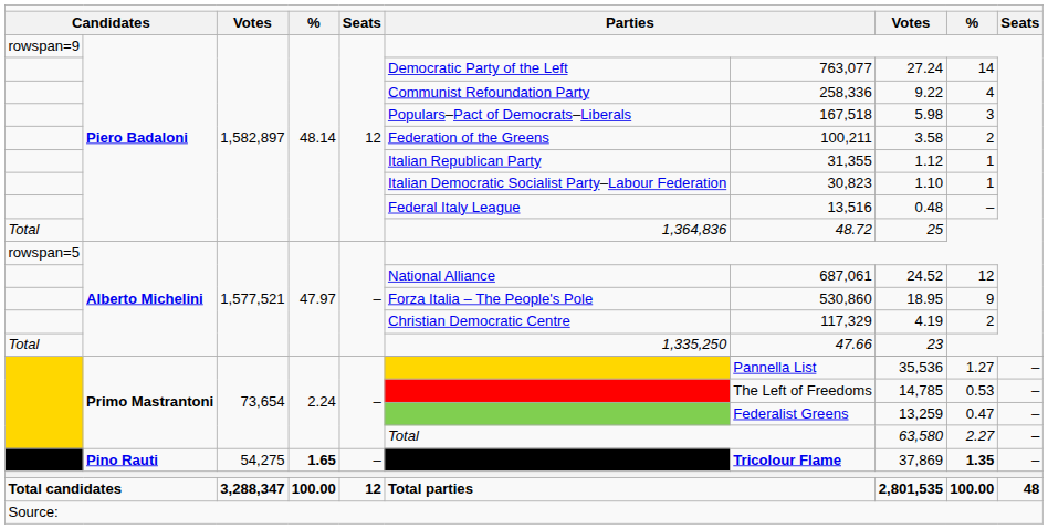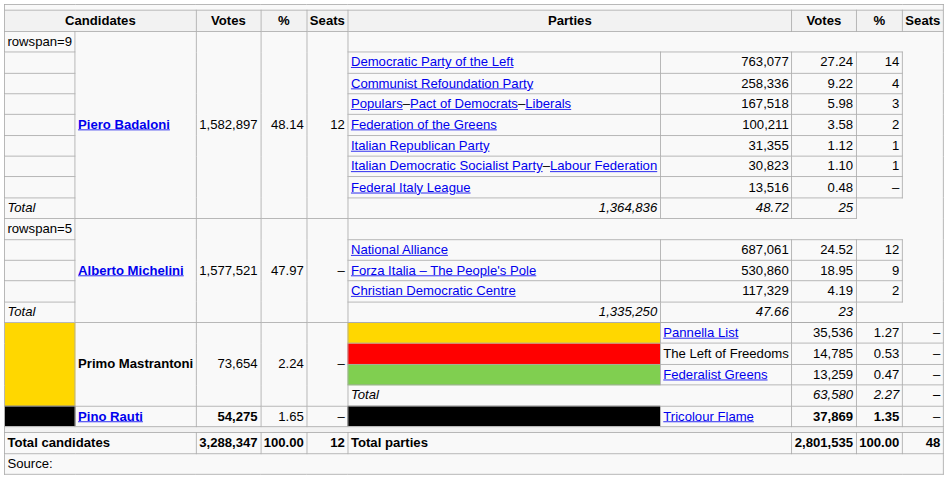 <table class="wikitable">
 <tr>
 <td colspan=10></td>
 </tr>
 <tr>
 <th colspan=2>Candidates</th>
 <th>Votes</th>
 <th>%</th>
 <th>Seats</th>
 <th colspan=2>Parties</th>
 <th>Votes</th>
 <th>%</th>
 <th>Seats</th>
 </tr>
 <tr>
 <td>rowspan=9 </td>
 <td rowspan=9><strong><a href='#'>Piero Badaloni</a></strong></td>
 <td rowspan=9 align=right>1,582,897</td>
 <td rowspan=9 align=right>48.14</td>
 <td rowspan=9 align=right>12</td>
 </tr>
 <tr>
 <td></td>
 <td><a href='#'>Democratic Party of the Left</a></td>
 <td align=right>763,077</td>
 <td align=right>27.24</td>
 <td align=right>14</td>
 </tr>
 <tr>
 <td></td>
 <td><a href='#'>Communist Refoundation Party</a></td>
 <td align=right>258,336</td>
 <td align=right>9.22</td>
 <td align=right>4</td>
 </tr>
 <tr>
 <td></td>
 <td><a href='#'>Populars</a>–<a href='#'>Pact of Democrats</a>–<a href='#'>Liberals</a></td>
 <td align=right>167,518</td>
 <td align=right>5.98</td>
 <td align=right>3</td>
 </tr>
 <tr>
 <td></td>
 <td><a href='#'>Federation of the Greens</a></td>
 <td align=right>100,211</td>
 <td align=right>3.58</td>
 <td align=right>2</td>
 </tr>
 <tr>
 <td></td>
 <td><a href='#'>Italian Republican Party</a></td>
 <td align=right>31,355</td>
 <td align=right>1.12</td>
 <td align=right>1</td>
 </tr>
 <tr>
 <td></td>
 <td><a href='#'>Italian Democratic Socialist Party</a>–<a href='#'>Labour Federation</a></td>
 <td align=right>30,823</td>
 <td align=right>1.10</td>
 <td align=right>1</td>
 </tr>
 <tr>
 <td></td>
 <td><a href='#'>Federal Italy League</a></td>
 <td align=right>13,516</td>
 <td align=right>0.48</td>
 <td align=right>–</td>
 </tr>
 <tr>
 <td colspan=2><em>Total</em></td>
 <td align=right><em>1,364,836</em></td>
 <td align=right><em>48.72</em></td>
 <td align=right><em>25</em></td>
 </tr>
 <tr>
 <td>rowspan=5 </td>
 <td rowspan=5><strong><a href='#'>Alberto Michelini</a></strong></td>
 <td rowspan=5 align=right>1,577,521</td>
 <td rowspan=5 align=right>47.97</td>
 <td rowspan=5 align=right>–</td>
 </tr>
 <tr>
 <td></td>
 <td><a href='#'>National Alliance</a></td>
 <td align=right>687,061</td>
 <td align=right>24.52</td>
 <td align=right>12</td>
 </tr>
 <tr>
 <td></td>
 <td><a href='#'>Forza Italia – The People's Pole</a></td>
 <td align=right>530,860</td>
 <td align=right>18.95</td>
 <td align=right>9</td>
 </tr>
 <tr>
 <td></td>
 <td><a href='#'>Christian Democratic Centre</a></td>
 <td align=right>117,329</td>
 <td align=right>4.19</td>
 <td align=right>2</td>
 </tr>
 <tr>
 <td colspan=2><em>Total</em></td>
 <td align=right><em>1,335,250</em></td>
 <td align=right><em>47.66</em></td>
 <td align=right><em>23</em></td>
 </tr>
 <tr>
 <td rowspan=5 bgcolor="gold"></td>
 <td rowspan=5><strong>Primo Mastrantoni</strong></td>
 <td rowspan=5 align=right>73,654</td>
 <td rowspan=5 align=right>2.24</td>
 <td rowspan=5 align=right>–</td>
 </tr>
 <tr>
 <td bgcolor="gold"></td>
 <td><a href='#'>Pannella List</a></td>
 <td align=right>35,536</td>
 <td align=right>1.27</td>
 <td align=right>–</td>
 </tr>
 <tr>
 <td bgcolor="red"></td>
 <td>The Left of Freedoms</td>
 <td align=right>14,785</td>
 <td align=right>0.53</td>
 <td align=right>–</td>
 </tr>
 <tr>
 <td bgcolor="80CF50"></td>
 <td><a href='#'>Federalist Greens</a></td>
 <td align=right>13,259</td>
 <td align=right>0.47</td>
 <td align=right>–</td>
 </tr>
 <tr>
 <td colspan=2><em>Total</em></td>
 <td align=right><em>63,580</em></td>
 <td align=right><em>2.27</em></td>
 <td align=right><em>–</em></td>
 </tr>
 <tr>
 <td bgcolor="black"></td>
 <td><strong><a href='#'>Pino Rauti</a></strong></td>
-<td align=right>54,275</td>
-<td align=right><strong>1.65</strong></td>
+<td align=right><strong>54,275</strong></td>
+<td align=right>1.65</td>
 <td align=right>–</td>
 <td bgcolor="black"></td>
-<td><strong><a href='#'>Tricolour Flame</a></strong></td>
-<td align=right>37,869</td>
+<td><a href='#'>Tricolour Flame</a></td>
+<td align=right><strong>37,869</strong></td>
 <td align=right><strong>1.35</strong></td>
 <td align=right>–</td>
 </tr>
 <tr>
 <th colspan=10></th>
 </tr>
 <tr>
 <td colspan=2><strong>Total candidates</strong></td>
 <td align=right><strong>3,288,347</strong></td>
 <td align=right><strong>100.00</strong></td>
 <td align=right><strong>12</strong></td>
 <td colspan=2><strong>Total parties</strong></td>
 <td align=right><strong>2,801,535</strong></td>
 <td align=right><strong>100.00</strong></td>
 <td align=right><strong>48</strong></td>
 </tr>
 <tr>
 <td colspan=10>Source: </td>
 </tr>
 </table>
